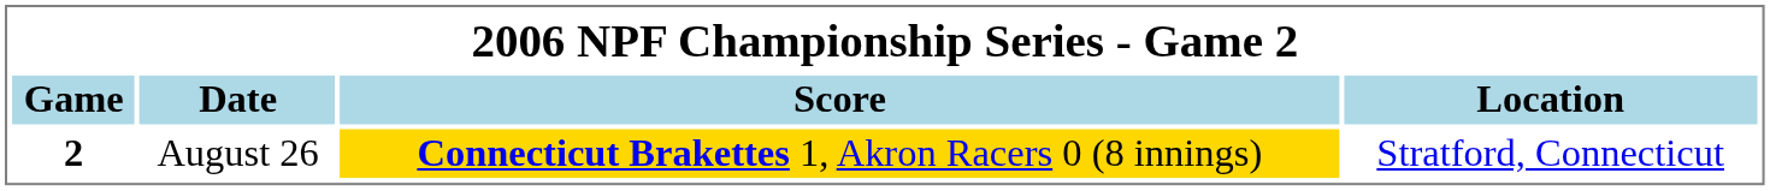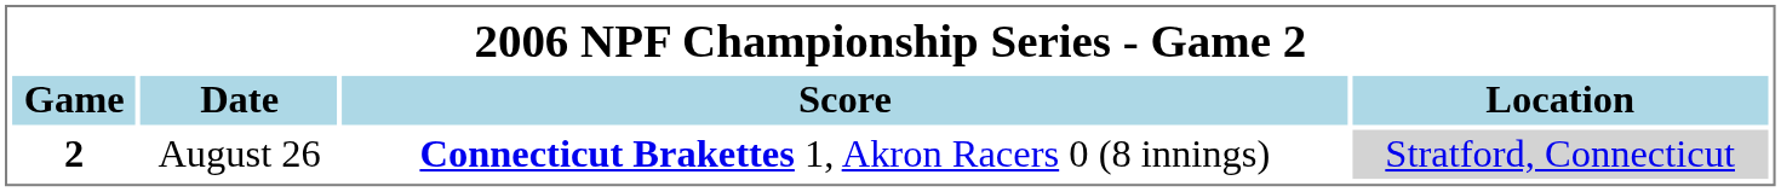 <table cellpadding="1"  style="min-width:45em;text-align:center;font-size:100%; border:1px solid gray;">
 <tr style="font-size:larger;">
 <th colspan=8>2006 NPF Championship Series - Game 2</th>
 </tr>
 <tr style="background:lightblue;">
 <th>Game</th>
 <th>Date</th>
 <th>Score</th>
 <th>Location</th>
 </tr>
 <tr>
 <td><strong>2</strong></td>
 <td>August 26</td>
-<td style="background: gold;"><strong><a href='#'>Connecticut Brakettes</a></strong> 1, <a href='#'>Akron Racers</a> 0 (8 innings)</td>
-<td><a href='#'>Stratford, Connecticut</a></td>
+<td><strong><a href='#'>Connecticut Brakettes</a></strong> 1, <a href='#'>Akron Racers</a> 0 (8 innings)</td>
+<td style="background: lightgrey;"><a href='#'>Stratford, Connecticut</a></td>
 </tr>
 </table>
